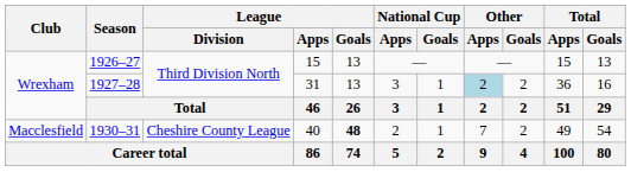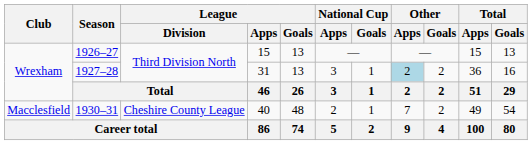 <table class="wikitable" style="text-align: center">
 <tr>
 <th rowspan="2">Club</th>
 <th rowspan="2">Season</th>
 <th colspan="3">League</th>
 <th colspan="2">National Cup</th>
 <th colspan="2">Other</th>
 <th colspan="2">Total</th>
 </tr>
 <tr>
 <th>Division</th>
 <th>Apps</th>
 <th>Goals</th>
 <th>Apps</th>
 <th>Goals</th>
 <th>Apps</th>
 <th>Goals</th>
 <th>Apps</th>
 <th>Goals</th>
 </tr>
 <tr>
 <td rowspan="3"><a href='#'>Wrexham</a></td>
 <td><a href='#'>1926–27</a></td>
 <td rowspan="2"><a href='#'>Third Division North</a></td>
 <td>15</td>
 <td>13</td>
 <td colspan="2">―</td>
 <td colspan="2">―</td>
 <td>15</td>
 <td>13</td>
 </tr>
 <tr>
 <td><a href='#'>1927–28</a></td>
 <td>31</td>
 <td>13</td>
 <td>3</td>
 <td>1</td>
 <td style="background: lightblue;">2</td>
 <td>2</td>
 <td>36</td>
 <td>16</td>
 </tr>
 <tr>
 <th colspan="2">Total</th>
 <th>46</th>
 <th>26</th>
 <th>3</th>
 <th>1</th>
 <th>2</th>
 <th>2</th>
 <th>51</th>
 <th>29</th>
 </tr>
 <tr>
 <td><a href='#'>Macclesfield</a></td>
 <td><a href='#'>1930–31</a></td>
 <td><a href='#'>Cheshire County League</a></td>
 <td>40</td>
-<td><strong>48</strong></td>
+<td>48</td>
 <td>2</td>
 <td>1</td>
 <td>7</td>
 <td>2</td>
 <td>49</td>
 <td>54</td>
 </tr>
 <tr>
 <th colspan="3">Career total</th>
 <th>86</th>
 <th>74</th>
 <th>5</th>
 <th>2</th>
 <th>9</th>
 <th>4</th>
 <th>100</th>
 <th>80</th>
 </tr>
 </table>
